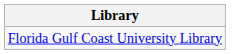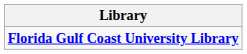 <table class="wikitable sortable">
 <tr>
 <th>Library</th>
 </tr>
 <tr valign="top">
-<td><a href='#'>Florida Gulf Coast University Library</a></td>
+<td><strong><a href='#'>Florida Gulf Coast University Library</a></strong></td>
 </tr>
 </table>
